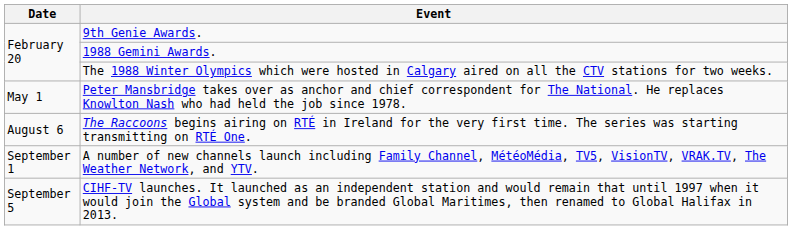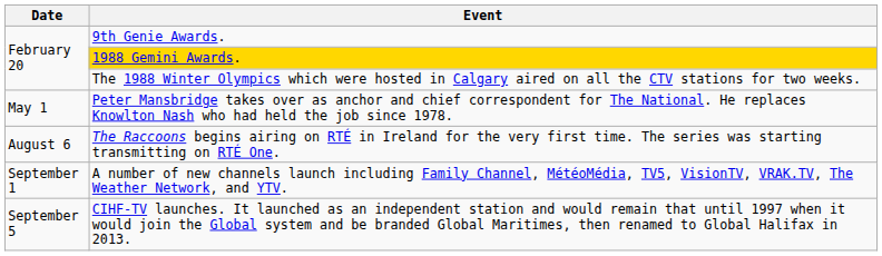 <table class="wikitable">
 <tr>
 <th>Date</th>
 <th>Event</th>
 </tr>
 <tr>
 <td rowspan="3">February 20</td>
 <td><a href='#'>9th Genie Awards</a>.</td>
 </tr>
 <tr>
-<td><a href='#'>1988 Gemini Awards</a>.</td>
+<td style="background: gold;"><a href='#'>1988 Gemini Awards</a>.</td>
 </tr>
 <tr>
 <td>The <a href='#'>1988 Winter Olympics</a> which were hosted in <a href='#'>Calgary</a> aired on all the <a href='#'>CTV</a> stations for two weeks.</td>
 </tr>
 <tr>
 <td>May 1</td>
 <td><a href='#'>Peter Mansbridge</a> takes over as anchor and chief correspondent for <a href='#'>The National</a>. He replaces <a href='#'>Knowlton Nash</a> who had held the job since 1978.</td>
 </tr>
 <tr>
 <td>August 6</td>
 <td><em><a href='#'>The Raccoons</a></em> begins airing on <a href='#'>RTÉ</a> in Ireland for the very first time. The series was starting transmitting on <a href='#'>RTÉ One</a>.</td>
 </tr>
 <tr>
 <td>September 1</td>
 <td>A number of new channels launch including <a href='#'>Family Channel</a>, <a href='#'>MétéoMédia</a>, <a href='#'>TV5</a>, <a href='#'>VisionTV</a>, <a href='#'>VRAK.TV</a>, <a href='#'>The Weather Network</a>, and <a href='#'>YTV</a>.</td>
 </tr>
 <tr>
 <td>September 5</td>
 <td><a href='#'>CIHF-TV</a> launches. It launched as an independent station and would remain that until 1997 when it would join the <a href='#'>Global</a> system and be branded Global Maritimes, then renamed to Global Halifax in 2013.</td>
 </tr>
 </table>
